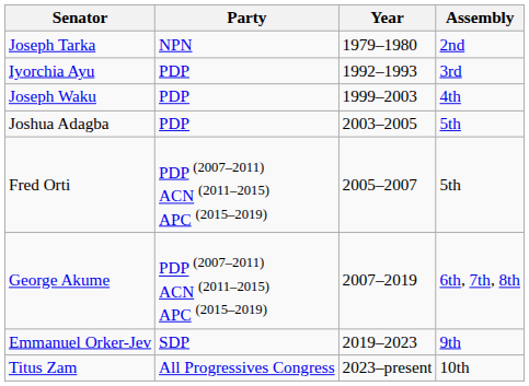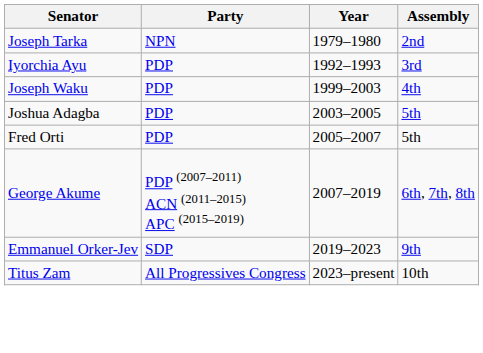 <table class="wikitable">
 <tr>
 <th>Senator</th>
 <th>Party</th>
 <th>Year</th>
 <th>Assembly</th>
 </tr>
 <tr>
 <td><a href='#'>Joseph Tarka</a></td>
 <td><a href='#'>NPN</a></td>
 <td>1979–1980</td>
 <td><a href='#'>2nd</a></td>
 </tr>
 <tr>
 <td><a href='#'>Iyorchia Ayu</a></td>
 <td><a href='#'>PDP</a></td>
 <td>1992–1993</td>
 <td><a href='#'>3rd</a></td>
 </tr>
 <tr>
 <td><a href='#'>Joseph Waku</a></td>
 <td><a href='#'>PDP</a></td>
 <td>1999–2003</td>
 <td><a href='#'>4th</a></td>
 </tr>
 <tr>
 <td>Joshua Adagba</td>
 <td><a href='#'>PDP</a></td>
 <td>2003–2005</td>
 <td><a href='#'>5th</a></td>
 </tr>
 <tr>
 <td>Fred Orti</td>
-<td><br><a href='#'>PDP</a> <sup>(2007–2011)</sup><br> <a href='#'>ACN</a> <sup>(2011–2015)</sup><br> <a href='#'>APC</a> <sup>(2015–2019)</sup></td>
+<td><a href='#'>PDP</a></td>
 <td>2005–2007</td>
 <td>5th</td>
 </tr>
 <tr>
 <td><a href='#'>George Akume</a></td>
 <td><br><a href='#'>PDP</a> <sup>(2007–2011)</sup><br> <a href='#'>ACN</a> <sup>(2011–2015)</sup><br> <a href='#'>APC</a> <sup>(2015–2019)</sup></td>
 <td>2007–2019</td>
 <td><a href='#'>6th</a>, <a href='#'>7th</a>, <a href='#'>8th</a></td>
 </tr>
 <tr>
 <td><a href='#'>Emmanuel Orker-Jev</a></td>
 <td><a href='#'>SDP</a></td>
 <td>2019–2023</td>
 <td><a href='#'>9th</a></td>
 </tr>
 <tr>
 <td><a href='#'>Titus Zam</a></td>
 <td><a href='#'>All Progressives Congress</a></td>
 <td>2023–present</td>
 <td>10th</td>
 </tr>
 </table>
